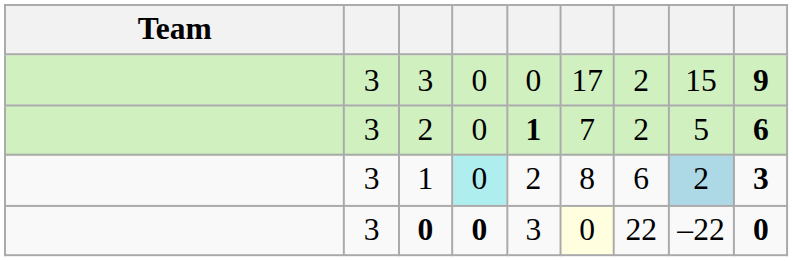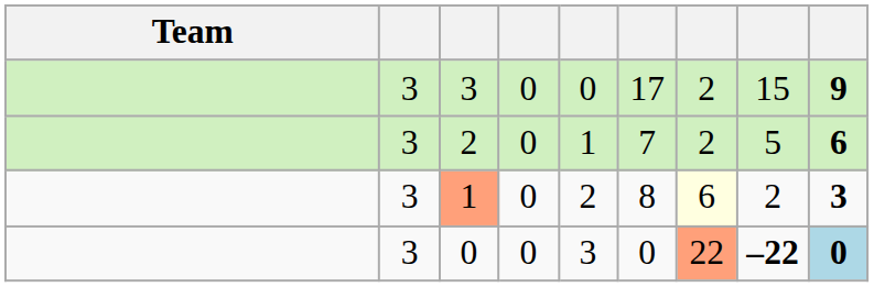 <table class="wikitable" style="text-align: center;">
 <tr>
 <th width=165>Team</th>
 <th width=20></th>
 <th width=20></th>
 <th width=20></th>
 <th width=20></th>
 <th width=20></th>
 <th width=20></th>
 <th width=26></th>
 <th width=20></th>
 </tr>
 <tr bgcolor="#D0F0C0">
 <td style="text-align:left;"></td>
 <td>3</td>
 <td>3</td>
 <td>0</td>
 <td>0</td>
 <td>17</td>
 <td>2</td>
 <td>15</td>
 <td><strong>9</strong></td>
 </tr>
 <tr bgcolor="#D0F0C0">
 <td style="text-align:left;"></td>
 <td>3</td>
 <td>2</td>
 <td>0</td>
-<td><strong>1</strong></td>
+<td>1</td>
 <td>7</td>
 <td>2</td>
 <td>5</td>
 <td><strong>6</strong></td>
 </tr>
 <tr>
 <td style="text-align:left;"></td>
 <td>3</td>
-<td>1</td>
-<td style="background: paleturquoise;">0</td>
+<td style="background: lightsalmon;">1</td>
+<td>0</td>
 <td>2</td>
 <td>8</td>
-<td>6</td>
-<td style="background: lightblue;">2</td>
+<td style="background: lightyellow;">6</td>
+<td>2</td>
 <td><strong>3</strong></td>
 </tr>
 <tr>
 <td style="text-align:left;"></td>
 <td>3</td>
-<td><strong>0</strong></td>
-<td><strong>0</strong></td>
+<td>0</td>
+<td>0</td>
 <td>3</td>
-<td style="background: lightyellow;">0</td>
-<td>22</td>
-<td>–22</td>
-<td><strong>0</strong></td>
+<td>0</td>
+<td style="background: lightsalmon;">22</td>
+<td><strong>–22</strong></td>
+<td style="background: lightblue;"><strong>0</strong></td>
 </tr>
 </table>
